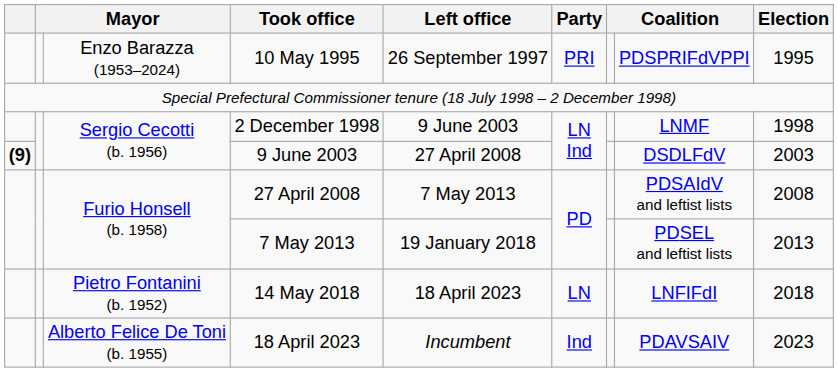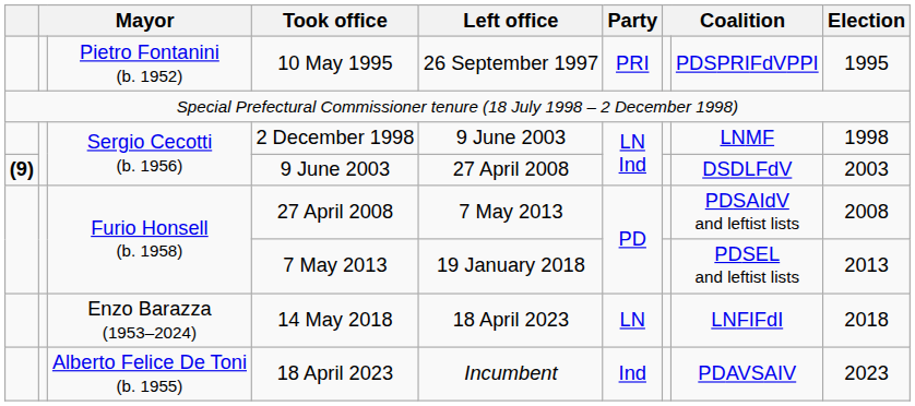 <table class="wikitable" style="text-align: center;">
 <tr>
 <th><br></th>
 <th colspan="2">Mayor</th>
 <th>Took office</th>
 <th>Left office</th>
 <th>Party</th>
 <th colspan="2">Coalition</th>
 <th>Election</th>
 </tr>
 <tr>
 <td style="background: "><strong></strong></td>
 <td></td>
-<td>Enzo Barazza<br><small>(1953–2024)</small></td>
+<td><a href='#'>Pietro Fontanini</a><br><small>(b. 1952)</small></td>
 <td>10 May 1995</td>
 <td>26 September 1997</td>
 <td><a href='#'>PRI</a></td>
 <td style="background: "></td>
 <td><a href='#'>PDS</a><a href='#'>PRI</a><a href='#'>FdV</a><a href='#'>PPI</a></td>
 <td>1995</td>
 </tr>
 <tr>
 <td colspan="9"><small><em>Special Prefectural Commissioner tenure (18 July 1998 – 2 December 1998)</em></small></td>
 </tr>
 <tr>
 <td style="background: "><strong></strong></td>
 <td rowspan="2"></td>
 <td rowspan="2"><a href='#'>Sergio Cecotti</a><br><small>(b. 1956)</small></td>
 <td>2 December 1998</td>
 <td>9 June 2003</td>
 <td rowspan="2"><a href='#'>LN</a><br><a href='#'>Ind</a></td>
 <td style="background: "></td>
 <td><a href='#'>LN</a><a href='#'>MF</a></td>
 <td>1998</td>
 </tr>
 <tr>
 <td style="background: "><strong>(9)</strong></td>
 <td>9 June 2003</td>
 <td>27 April 2008</td>
 <td style="background: "></td>
 <td><a href='#'>DS</a><a href='#'>DL</a><a href='#'>FdV</a></td>
 <td>2003</td>
 </tr>
 <tr>
 <td rowspan="2" style="background: "><strong></strong></td>
 <td rowspan="2"></td>
 <td rowspan="2"><a href='#'>Furio Honsell</a><br><small>(b. 1958)</small></td>
 <td>27 April 2008</td>
 <td>7 May 2013</td>
 <td rowspan="2"><a href='#'>PD</a></td>
 <td style="background: "></td>
 <td><a href='#'>PD</a><a href='#'>SA</a><a href='#'>IdV</a><br><small>and leftist lists</small></td>
 <td>2008</td>
 </tr>
 <tr>
 <td>7 May 2013</td>
 <td>19 January 2018</td>
 <td style="background: "></td>
 <td><a href='#'>PD</a><a href='#'>SEL</a><br><small>and leftist lists</small></td>
 <td>2013</td>
 </tr>
 <tr>
 <td style="background: "><strong></strong></td>
 <td></td>
-<td><a href='#'>Pietro Fontanini</a><br><small>(b. 1952)</small></td>
+<td>Enzo Barazza<br><small>(1953–2024)</small></td>
 <td>14 May 2018</td>
 <td>18 April 2023</td>
 <td><a href='#'>LN</a></td>
 <td style="background: "></td>
 <td><a href='#'>LN</a><a href='#'>FI</a><a href='#'>FdI</a></td>
 <td>2018</td>
 </tr>
 <tr>
 <td style="background: "><strong></strong></td>
 <td></td>
 <td><a href='#'>Alberto Felice De Toni</a><br><small>(b. 1955)</small></td>
 <td>18 April 2023</td>
 <td><em>Incumbent</em></td>
 <td><a href='#'>Ind</a></td>
 <td style="background: "></td>
 <td><a href='#'>PD</a><a href='#'>AVS</a><a href='#'>A</a><a href='#'>IV</a></td>
 <td>2023</td>
 </tr>
 </table>
